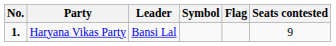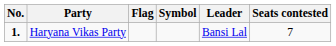 <table class="wikitable">
 <tr>
 <th>No.</th>
 <th>Party</th>
+<th>Flag</th>
+<th>Symbol</th>
 <th>Leader</th>
-<th>Symbol</th>
-<th>Flag</th>
 <th>Seats contested</th>
 </tr>
 <tr>
 <td ! style="text-align:center; background:"><strong>1.</strong></td>
 <td style="text-align:center"><a href='#'>Haryana Vikas Party</a></td>
-<td style="text-align:center"><a href='#'>Bansi Lal</a></td>
 <td></td>
 <td></td>
-<td style="text-align:center">9</td>
+<td style="text-align:center"><a href='#'>Bansi Lal</a></td>
+<td style="text-align:center">7</td>
 </tr>
 </table>
